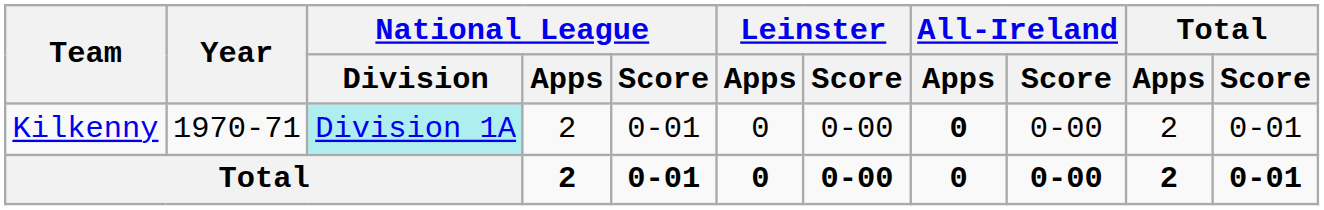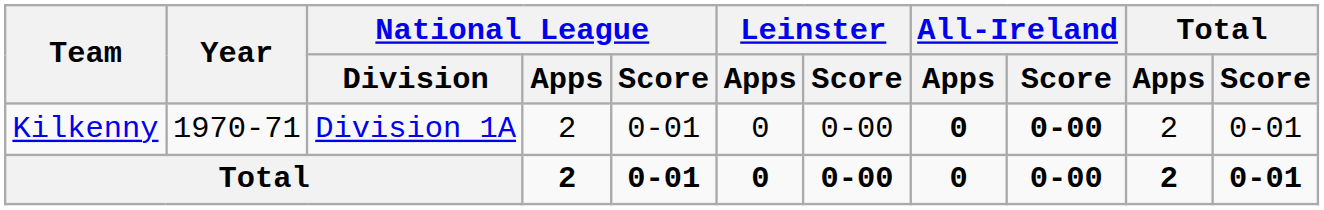 <table class="wikitable" style="text-align:center">
 <tr>
 <th rowspan="2">Team</th>
 <th rowspan="2">Year</th>
 <th colspan="3"><a href='#'>National League</a></th>
 <th colspan="2"><a href='#'>Leinster</a></th>
 <th colspan="2"><a href='#'>All-Ireland</a></th>
 <th colspan="2">Total</th>
 </tr>
 <tr>
 <th>Division</th>
 <th>Apps</th>
 <th>Score</th>
 <th>Apps</th>
 <th>Score</th>
 <th>Apps</th>
 <th>Score</th>
 <th>Apps</th>
 <th>Score</th>
 </tr>
 <tr>
 <td rowspan="1"><a href='#'>Kilkenny</a></td>
 <td>1970-71</td>
-<td rowspan="1" style="background: paleturquoise;"><a href='#'>Division 1A</a></td>
+<td rowspan="1"><a href='#'>Division 1A</a></td>
 <td>2</td>
 <td>0-01</td>
 <td>0</td>
 <td>0-00</td>
 <td><strong>0</strong></td>
-<td>0-00</td>
+<td><strong>0-00</strong></td>
 <td>2</td>
 <td>0-01</td>
 </tr>
 <tr>
 <th colspan="3">Total</th>
 <td><strong>2</strong></td>
 <td><strong>0-01</strong></td>
 <td><strong>0</strong></td>
 <td><strong>0-00</strong></td>
 <td><strong>0</strong></td>
 <td><strong>0-00</strong></td>
 <td><strong>2</strong></td>
 <td><strong>0-01</strong></td>
 </tr>
 </table>
